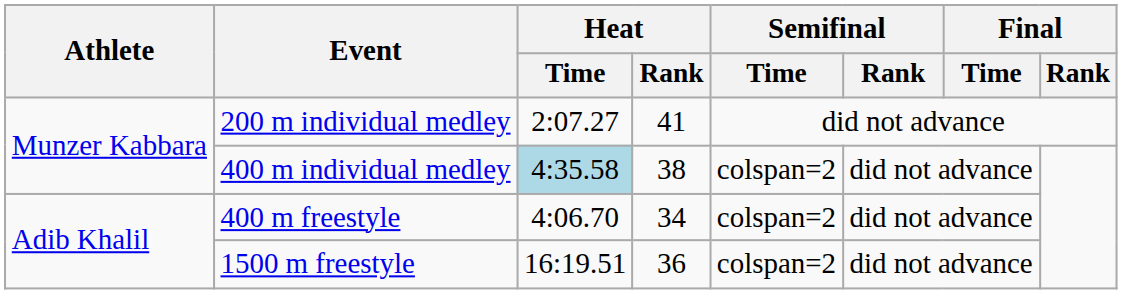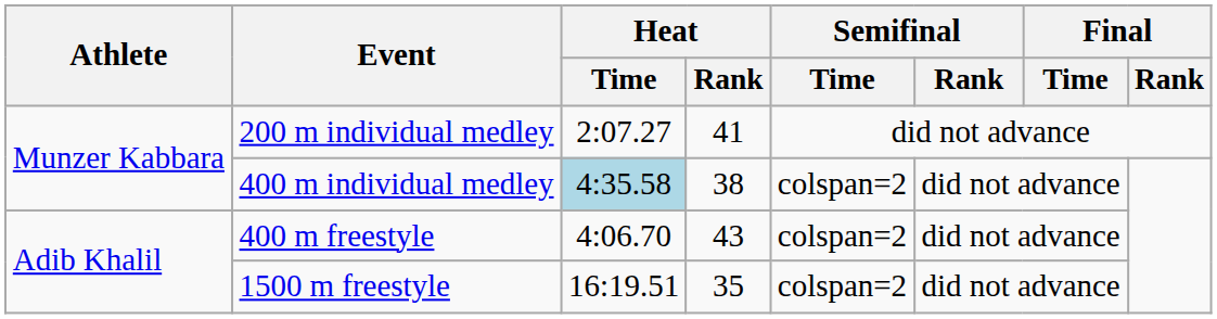 <table class="wikitable" style="text-align:center; font-size:90%">
 <tr>
 <th rowspan="2">Athlete</th>
 <th rowspan="2">Event</th>
 <th colspan="2">Heat</th>
 <th colspan="2">Semifinal</th>
 <th colspan="2">Final</th>
 </tr>
 <tr style="font-size:95%">
 <th>Time</th>
 <th>Rank</th>
 <th>Time</th>
 <th>Rank</th>
 <th>Time</th>
 <th>Rank</th>
 </tr>
 <tr>
 <td align=left rowspan=2><a href='#'>Munzer Kabbara</a></td>
 <td align=left><a href='#'>200 m individual medley</a></td>
 <td>2:07.27</td>
 <td>41</td>
 <td colspan=4>did not advance</td>
 </tr>
 <tr>
 <td align=left><a href='#'>400 m individual medley</a></td>
 <td style="background: lightblue;">4:35.58</td>
 <td>38</td>
 <td>colspan=2 </td>
 <td colspan=2>did not advance</td>
 </tr>
 <tr>
 <td align=left rowspan=2><a href='#'>Adib Khalil</a></td>
 <td align=left><a href='#'>400 m freestyle</a></td>
 <td>4:06.70</td>
-<td>34</td>
+<td>43</td>
 <td>colspan=2 </td>
 <td colspan=2>did not advance</td>
 </tr>
 <tr>
 <td align=left><a href='#'>1500 m freestyle</a></td>
 <td>16:19.51</td>
-<td>36</td>
+<td>35</td>
 <td>colspan=2 </td>
 <td colspan=2>did not advance</td>
 </tr>
 </table>
